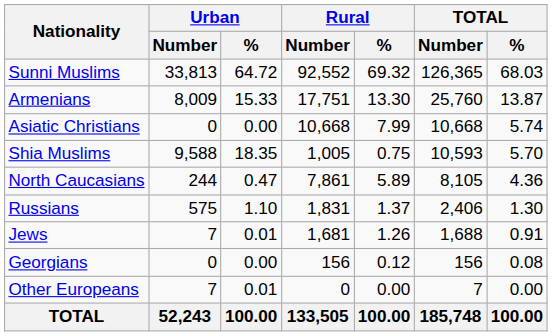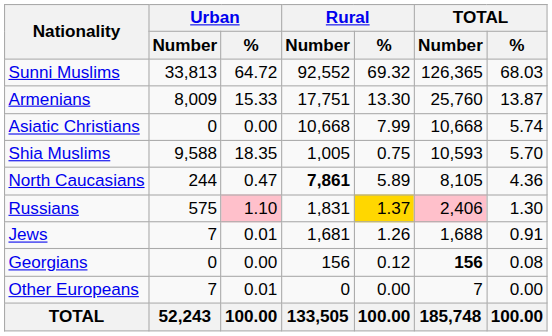 <table class="wikitable sortable">
 <tr>
 <th rowspan="2">Nationality</th>
 <th colspan="2"><a href='#'>Urban</a></th>
 <th colspan="2"><a href='#'>Rural</a></th>
 <th colspan="2">TOTAL</th>
 </tr>
 <tr>
 <th>Number</th>
 <th>%</th>
 <th>Number</th>
 <th>%</th>
 <th>Number</th>
 <th>%</th>
 </tr>
 <tr>
 <td><a href='#'>Sunni Muslims</a></td>
 <td align="right">33,813</td>
 <td align="right">64.72</td>
 <td align="right">92,552</td>
 <td align="right">69.32</td>
 <td align="right">126,365</td>
 <td align="right">68.03</td>
 </tr>
 <tr>
 <td><a href='#'>Armenians</a></td>
 <td align="right">8,009</td>
 <td align="right">15.33</td>
 <td align="right">17,751</td>
 <td align="right">13.30</td>
 <td align="right">25,760</td>
 <td align="right">13.87</td>
 </tr>
 <tr>
 <td><a href='#'>Asiatic Christians</a></td>
 <td align="right">0</td>
 <td align="right">0.00</td>
 <td align="right">10,668</td>
 <td align="right">7.99</td>
 <td align="right">10,668</td>
 <td align="right">5.74</td>
 </tr>
 <tr>
 <td><a href='#'>Shia Muslims</a></td>
 <td align="right">9,588</td>
 <td align="right">18.35</td>
 <td align="right">1,005</td>
 <td align="right">0.75</td>
 <td align="right">10,593</td>
 <td align="right">5.70</td>
 </tr>
 <tr>
 <td><a href='#'>North Caucasians</a></td>
 <td align="right">244</td>
 <td align="right">0.47</td>
-<td align="right">7,861</td>
+<td align="right"><strong>7,861</strong></td>
 <td align="right">5.89</td>
 <td align="right">8,105</td>
 <td align="right">4.36</td>
 </tr>
 <tr>
 <td><a href='#'>Russians</a></td>
 <td align="right">575</td>
-<td align="right">1.10</td>
+<td align="right" style="background: pink;">1.10</td>
 <td align="right">1,831</td>
-<td align="right">1.37</td>
-<td align="right">2,406</td>
+<td align="right" style="background: gold;">1.37</td>
+<td align="right" style="background: pink;">2,406</td>
 <td align="right">1.30</td>
 </tr>
 <tr>
 <td><a href='#'>Jews</a></td>
 <td align="right">7</td>
 <td align="right">0.01</td>
 <td align="right">1,681</td>
 <td align="right">1.26</td>
 <td align="right">1,688</td>
 <td align="right">0.91</td>
 </tr>
 <tr>
 <td><a href='#'>Georgians</a></td>
 <td align="right">0</td>
 <td align="right">0.00</td>
 <td align="right">156</td>
 <td align="right">0.12</td>
-<td align="right">156</td>
+<td align="right"><strong>156</strong></td>
 <td align="right">0.08</td>
 </tr>
 <tr>
 <td><a href='#'>Other Europeans</a></td>
 <td align="right">7</td>
 <td align="right">0.01</td>
 <td align="right">0</td>
 <td align="right">0.00</td>
 <td align="right">7</td>
 <td align="right">0.00</td>
 </tr>
 <tr>
 <th>TOTAL</th>
 <th>52,243</th>
 <th>100.00</th>
 <th>133,505</th>
 <th>100.00</th>
 <th>185,748</th>
 <th>100.00</th>
 </tr>
 </table>
